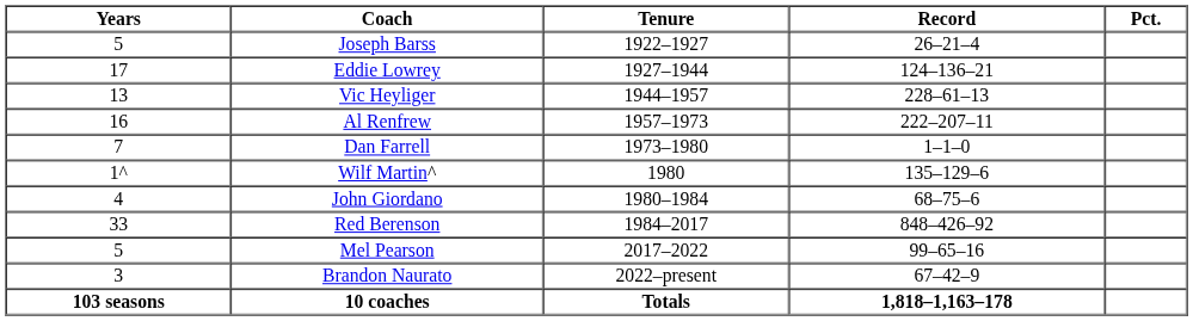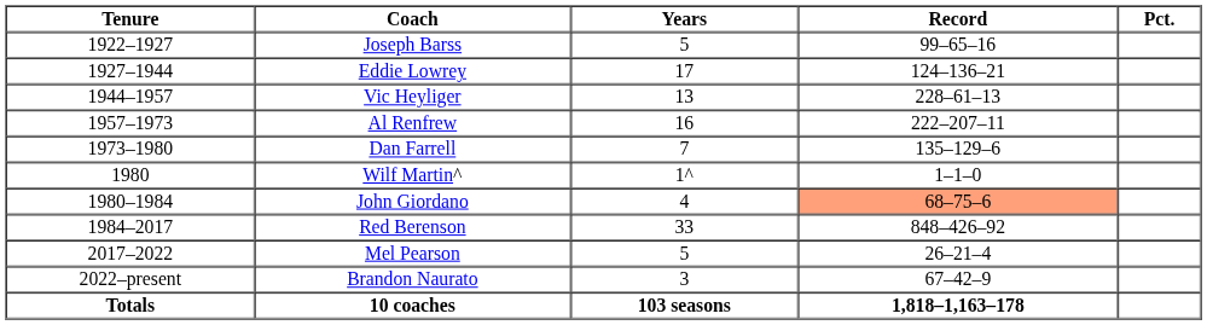 <table cellpadding="1" border="1" cellspacing="0" style="width:80%;">
 <tr>
+<th>Tenure</th>
+<th>Coach</th>
 <th>Years</th>
-<th>Coach</th>
-<th>Tenure</th>
 <th>Record</th>
 <th>Pct.</th>
 </tr>
 <tr style="text-align:center;">
+<td>1922–1927</td>
+<td><a href='#'>Joseph Barss</a></td>
 <td>5</td>
-<td><a href='#'>Joseph Barss</a></td>
-<td>1922–1927</td>
+<td>99–65–16</td>
+<td></td>
+</tr>
+<tr style="text-align:center;">
+<td>1927–1944</td>
+<td><a href='#'>Eddie Lowrey</a></td>
+<td>17</td>
+<td>124–136–21</td>
+<td></td>
+</tr>
+<tr style="text-align:center;">
+<td>1944–1957</td>
+<td><a href='#'>Vic Heyliger</a></td>
+<td>13</td>
+<td>228–61–13</td>
+<td></td>
+</tr>
+<tr style="text-align:center;">
+<td>1957–1973</td>
+<td><a href='#'>Al Renfrew</a></td>
+<td>16</td>
+<td>222–207–11</td>
+<td></td>
+</tr>
+<tr style="text-align:center;">
+<td>1973–1980</td>
+<td><a href='#'>Dan Farrell</a></td>
+<td>7</td>
+<td>135–129–6</td>
+<td></td>
+</tr>
+<tr style="text-align:center;">
+<td>1980</td>
+<td><a href='#'>Wilf Martin</a>^</td>
+<td>1^</td>
+<td>1–1–0</td>
+<td></td>
+</tr>
+<tr style="text-align:center;">
+<td>1980–1984</td>
+<td><a href='#'>John Giordano</a></td>
+<td>4</td>
+<td style="background: lightsalmon;">68–75–6</td>
+<td></td>
+</tr>
+<tr style="text-align:center;">
+<td>1984–2017</td>
+<td><a href='#'>Red Berenson</a></td>
+<td>33</td>
+<td>848–426–92</td>
+<td></td>
+</tr>
+<tr style="text-align:center;">
+<td>2017–2022</td>
+<td><a href='#'>Mel Pearson</a></td>
+<td>5</td>
 <td>26–21–4</td>
 <td></td>
 </tr>
 <tr style="text-align:center;">
-<td>17</td>
-<td><a href='#'>Eddie Lowrey</a></td>
-<td>1927–1944</td>
-<td>124–136–21</td>
-<td></td>
-</tr>
-<tr style="text-align:center;">
-<td>13</td>
-<td><a href='#'>Vic Heyliger</a></td>
-<td>1944–1957</td>
-<td>228–61–13</td>
-<td></td>
-</tr>
-<tr style="text-align:center;">
-<td>16</td>
-<td><a href='#'>Al Renfrew</a></td>
-<td>1957–1973</td>
-<td>222–207–11</td>
-<td></td>
-</tr>
-<tr style="text-align:center;">
-<td>7</td>
-<td><a href='#'>Dan Farrell</a></td>
-<td>1973–1980</td>
-<td>1–1–0</td>
-<td></td>
-</tr>
-<tr style="text-align:center;">
-<td>1^</td>
-<td><a href='#'>Wilf Martin</a>^</td>
-<td>1980</td>
-<td>135–129–6</td>
-<td></td>
-</tr>
-<tr style="text-align:center;">
-<td>4</td>
-<td><a href='#'>John Giordano</a></td>
-<td>1980–1984</td>
-<td>68–75–6</td>
-<td></td>
-</tr>
-<tr style="text-align:center;">
-<td>33</td>
-<td><a href='#'>Red Berenson</a></td>
-<td>1984–2017</td>
-<td>848–426–92</td>
-<td></td>
-</tr>
-<tr style="text-align:center;">
-<td>5</td>
-<td><a href='#'>Mel Pearson</a></td>
-<td>2017–2022</td>
-<td>99–65–16</td>
-<td></td>
-</tr>
-<tr style="text-align:center;">
+<td>2022–present</td>
+<td><a href='#'>Brandon Naurato</a></td>
 <td>3</td>
-<td><a href='#'>Brandon Naurato</a></td>
-<td>2022–present</td>
 <td>67–42–9</td>
 <td></td>
 </tr>
 <tr align=center>
+<th>Totals</th>
+<th>10 coaches</th>
 <th>103 seasons</th>
-<th>10 coaches</th>
-<th>Totals</th>
 <th>1,818–1,163–178</th>
 <th></th>
 </tr>
 </table>
